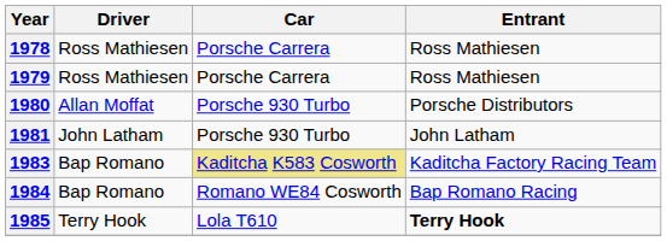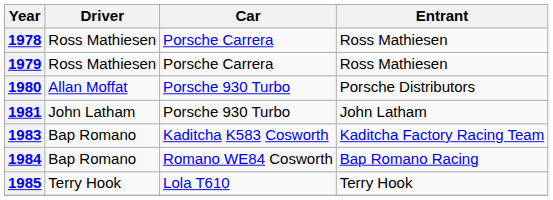 <table class="wikitable">
 <tr style="font-weight:bold">
 <th>Year</th>
 <th>Driver</th>
 <th>Car</th>
 <th>Entrant</th>
 </tr>
 <tr>
 <th><a href='#'>1978</a></th>
 <td> Ross Mathiesen</td>
 <td><a href='#'>Porsche Carrera</a></td>
 <td>Ross Mathiesen</td>
 </tr>
 <tr>
 <th><a href='#'>1979</a></th>
 <td> Ross Mathiesen</td>
 <td>Porsche Carrera</td>
 <td>Ross Mathiesen</td>
 </tr>
 <tr>
 <th><a href='#'>1980</a></th>
 <td> <a href='#'>Allan Moffat</a></td>
 <td><a href='#'>Porsche 930 Turbo</a></td>
 <td>Porsche Distributors</td>
 </tr>
 <tr>
 <th><a href='#'>1981</a></th>
 <td> John Latham</td>
 <td>Porsche 930 Turbo</td>
 <td>John Latham</td>
 </tr>
 <tr>
 <th><a href='#'>1983</a></th>
 <td> Bap Romano</td>
-<td style="background: khaki;"><a href='#'>Kaditcha</a> <a href='#'>K583</a> <a href='#'>Cosworth</a></td>
+<td><a href='#'>Kaditcha</a> <a href='#'>K583</a> <a href='#'>Cosworth</a></td>
 <td><a href='#'>Kaditcha Factory Racing Team</a></td>
 </tr>
 <tr>
 <th><a href='#'>1984</a></th>
 <td> Bap Romano</td>
 <td><a href='#'>Romano WE84</a> Cosworth</td>
 <td><a href='#'>Bap Romano Racing</a></td>
 </tr>
 <tr>
 <th><a href='#'>1985</a></th>
 <td> Terry Hook</td>
 <td><a href='#'>Lola T610</a></td>
-<td><strong>Terry Hook</strong></td>
+<td>Terry Hook</td>
 </tr>
 <tr>
 </tr>
 </table>
